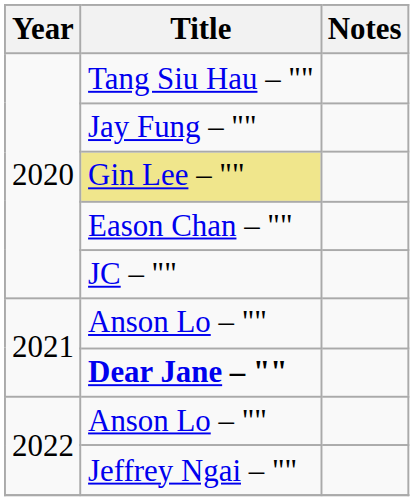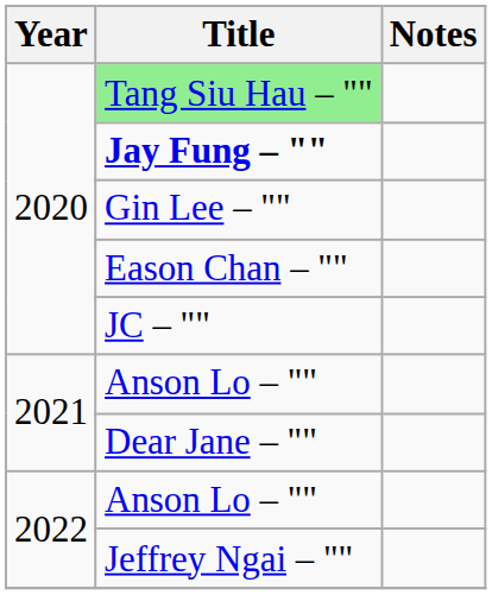 <table class="wikitable plainrowheaders">
 <tr>
 <th scope="col">Year</th>
 <th scope="col">Title</th>
 <th scope="col">Notes</th>
 </tr>
 <tr>
 <td rowspan="5">2020</td>
-<td><a href='#'>Tang Siu Hau</a> – ""</td>
+<td style="background: lightgreen;"><a href='#'>Tang Siu Hau</a> – ""</td>
 <td></td>
 </tr>
 <tr>
-<td><a href='#'>Jay Fung</a> – ""</td>
+<td><strong><a href='#'>Jay Fung</a> – ""</strong></td>
 <td></td>
 </tr>
 <tr>
-<td style="background: khaki;"><a href='#'>Gin Lee</a> – ""</td>
+<td><a href='#'>Gin Lee</a> – ""</td>
 <td></td>
 </tr>
 <tr>
 <td><a href='#'>Eason Chan</a> – ""</td>
 <td></td>
 </tr>
 <tr>
 <td><a href='#'>JC</a> – ""</td>
 <td></td>
 </tr>
 <tr>
 <td rowspan="2">2021</td>
 <td><a href='#'>Anson Lo</a> – ""</td>
 <td></td>
 </tr>
 <tr>
-<td><strong><a href='#'>Dear Jane</a> – ""</strong></td>
+<td><a href='#'>Dear Jane</a> – ""</td>
 </tr>
 <tr>
 <td rowspan="2">2022</td>
 <td><a href='#'>Anson Lo</a> – ""</td>
 <td></td>
 </tr>
 <tr>
 <td><a href='#'>Jeffrey Ngai</a> – ""</td>
 <td></td>
 </tr>
 <tr>
 </tr>
 </table>
